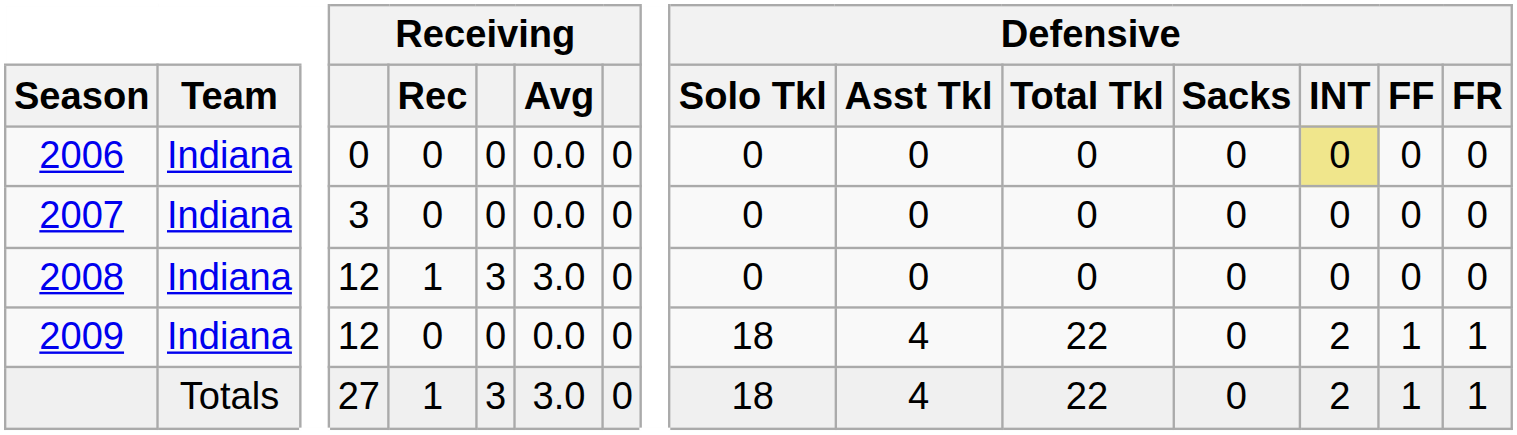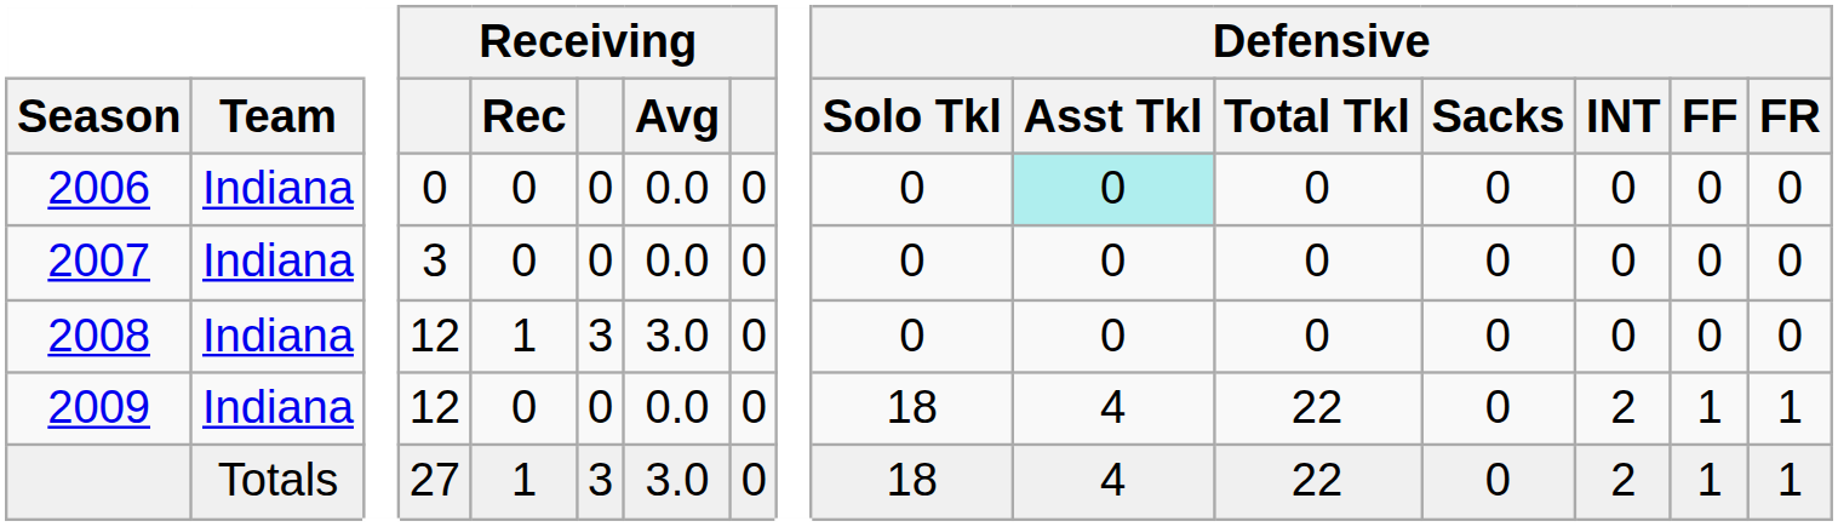 <table class="wikitable" style="text-align:center">
 <tr>
 <th colspan=2 style="background:#fff; border-color:#fff #fff #aaa #fff"> </th>
 <th rowspan=99 style="background:#fff; border-color:#fff #aaa"> </th>
 <th colspan=5>Receiving</th>
 <th rowspan=99 style="background:#fff; border-color:#fff #aaa"> </th>
 <th colspan=11>Defensive</th>
 </tr>
 <tr>
 <th>Season</th>
 <th>Team</th>
 <th></th>
 <th align="center">Rec</th>
 <th></th>
 <th>Avg</th>
 <th></th>
 <th align="center">Solo Tkl</th>
 <th>Asst Tkl</th>
 <th>Total Tkl</th>
 <th>Sacks</th>
 <th>INT</th>
 <th>FF</th>
 <th align="center">FR</th>
 </tr>
 <tr>
 <td><a href='#'>2006</a></td>
 <td><a href='#'>Indiana</a></td>
 <td>0</td>
 <td>0</td>
 <td>0</td>
 <td>0.0</td>
 <td>0</td>
 <td>0</td>
+<td style="background: paleturquoise;">0</td>
 <td>0</td>
 <td>0</td>
 <td>0</td>
-<td style="background: khaki;">0</td>
 <td>0</td>
 <td>0</td>
 </tr>
 <tr>
 <td><a href='#'>2007</a></td>
 <td><a href='#'>Indiana</a></td>
 <td>3</td>
 <td>0</td>
 <td>0</td>
 <td>0.0</td>
 <td>0</td>
 <td>0</td>
 <td>0</td>
 <td>0</td>
 <td>0</td>
 <td>0</td>
 <td>0</td>
 <td>0</td>
 </tr>
 <tr>
 <td><a href='#'>2008</a></td>
 <td><a href='#'>Indiana</a></td>
 <td>12</td>
 <td>1</td>
 <td>3</td>
 <td>3.0</td>
 <td>0</td>
 <td>0</td>
 <td>0</td>
 <td>0</td>
 <td>0</td>
 <td>0</td>
 <td>0</td>
 <td>0</td>
 </tr>
 <tr>
 <td><a href='#'>2009</a></td>
 <td><a href='#'>Indiana</a></td>
 <td>12</td>
 <td>0</td>
 <td>0</td>
 <td>0.0</td>
 <td>0</td>
 <td>18</td>
 <td>4</td>
 <td>22</td>
 <td>0</td>
 <td>2</td>
 <td>1</td>
 <td>1</td>
 </tr>
 <tr style="background:#f0f0f0;">
 <td></td>
 <td>Totals</td>
 <td>27</td>
 <td>1</td>
 <td>3</td>
 <td>3.0</td>
 <td>0</td>
 <td>18</td>
 <td>4</td>
 <td>22</td>
 <td>0</td>
 <td>2</td>
 <td>1</td>
 <td>1</td>
 </tr>
 </table>
